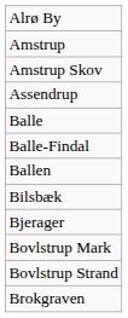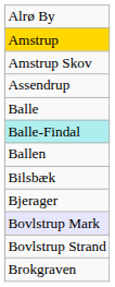 <table class="wikitable" style="float:left; margin-right:1em">
 <tr>
 <td>Alrø By</td>
 </tr>
 <tr>
-<td>Amstrup</td>
+<td style="background: gold;">Amstrup</td>
 </tr>
 <tr>
 <td>Amstrup Skov</td>
 </tr>
 <tr>
 <td>Assendrup</td>
 </tr>
 <tr>
 <td>Balle</td>
 </tr>
 <tr>
-<td>Balle-Findal</td>
+<td style="background: paleturquoise;">Balle-Findal</td>
 </tr>
 <tr>
 <td>Ballen</td>
 </tr>
 <tr>
 <td>Bilsbæk</td>
 </tr>
 <tr>
 <td>Bjerager</td>
 </tr>
 <tr>
-<td>Bovlstrup Mark</td>
+<td style="background: lavender;">Bovlstrup Mark</td>
 </tr>
 <tr>
 <td>Bovlstrup Strand</td>
 </tr>
 <tr>
 <td>Brokgraven</td>
 </tr>
 </table>
